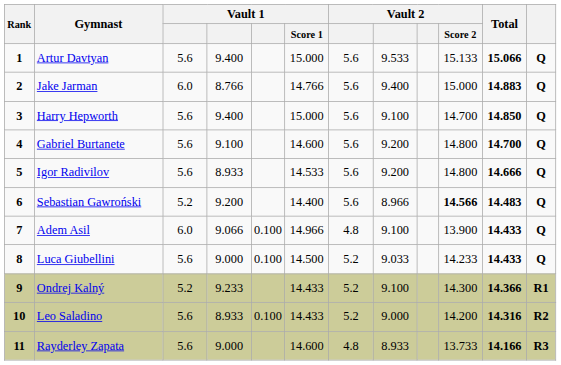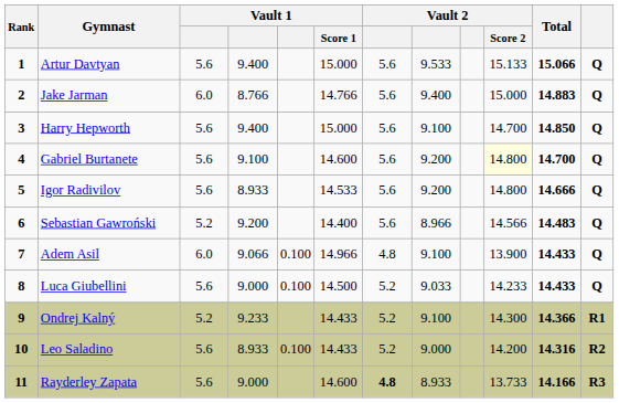 <table style="text-align:center;" class="wikitable sortable">
 <tr>
 <th style="width:15px;" rowspan="2"><small>Rank</small></th>
 <th style="width:160px;" rowspan="2">Gymnast</th>
 <th colspan="4">Vault 1</th>
 <th colspan="4">Vault 2</th>
 <th style="width:50px;" rowspan="2">Total</th>
 <th style="width:30px;" rowspan="2"><small></small></th>
 </tr>
 <tr>
 <th style="width:50px;"><small></small></th>
 <th style="width:50px;"><small></small></th>
 <th style="width:20px;"><small></small></th>
 <th style="width:50px;"><small>Score 1</small></th>
 <th style="width:50px;"><small></small></th>
 <th style="width:50px;"><small></small></th>
 <th style="width:20px;"><small></small></th>
 <th style="width:50px;"><small>Score 2</small></th>
 </tr>
 <tr>
 <td scope="row" style="text-align:center"><strong>1</strong></td>
 <td style="height:30px; text-align:left;"> <a href='#'>Artur Davtyan</a></td>
 <td>5.6</td>
 <td>9.400</td>
 <td></td>
 <td>15.000</td>
 <td>5.6</td>
 <td>9.533</td>
 <td></td>
 <td>15.133</td>
 <td><strong>15.066</strong></td>
 <td><strong>Q</strong></td>
 </tr>
 <tr>
 <td scope="row" style="text-align:center"><strong>2</strong></td>
 <td style="height:30px; text-align:left;"> <a href='#'>Jake Jarman</a></td>
 <td>6.0</td>
 <td>8.766</td>
 <td></td>
 <td>14.766</td>
 <td>5.6</td>
 <td>9.400</td>
 <td></td>
 <td>15.000</td>
 <td><strong>14.883</strong></td>
 <td><strong>Q</strong></td>
 </tr>
 <tr>
 <td scope="row" style="text-align:center"><strong>3</strong></td>
 <td style="height:30px; text-align:left;"> <a href='#'>Harry Hepworth</a></td>
 <td>5.6</td>
 <td>9.400</td>
 <td></td>
 <td>15.000</td>
 <td>5.6</td>
 <td>9.100</td>
 <td></td>
 <td>14.700</td>
 <td><strong>14.850</strong></td>
 <td><strong>Q</strong></td>
 </tr>
 <tr>
 <td scope="row" style="text-align:center"><strong>4</strong></td>
 <td style="height:30px; text-align:left;"> <a href='#'>Gabriel Burtanete</a></td>
 <td>5.6</td>
 <td>9.100</td>
 <td></td>
 <td>14.600</td>
 <td>5.6</td>
 <td>9.200</td>
 <td></td>
-<td>14.800</td>
+<td style="background: lightyellow;">14.800</td>
 <td><strong>14.700</strong></td>
 <td><strong>Q</strong></td>
 </tr>
 <tr>
 <td scope="row" style="text-align:center"><strong>5</strong></td>
 <td style="height:30px; text-align:left;"> <a href='#'>Igor Radivilov</a></td>
 <td>5.6</td>
 <td>8.933</td>
 <td></td>
 <td>14.533</td>
 <td>5.6</td>
 <td>9.200</td>
 <td></td>
 <td>14.800</td>
 <td><strong>14.666</strong></td>
 <td><strong>Q</strong></td>
 </tr>
 <tr>
 <td scope="row" style="text-align:center"><strong>6</strong></td>
 <td style="height:30px; text-align:left;"> <a href='#'>Sebastian Gawroński</a></td>
 <td>5.2</td>
 <td>9.200</td>
 <td></td>
 <td>14.400</td>
 <td>5.6</td>
 <td>8.966</td>
 <td></td>
-<td><strong>14.566</strong></td>
+<td>14.566</td>
 <td><strong>14.483</strong></td>
 <td><strong>Q</strong></td>
 </tr>
 <tr>
 <td scope="row" style="text-align:center"><strong>7</strong></td>
 <td style="height:30px; text-align:left;"> <a href='#'>Adem Asil</a></td>
 <td>6.0</td>
 <td>9.066</td>
 <td>0.100</td>
 <td>14.966</td>
 <td>4.8</td>
 <td>9.100</td>
 <td></td>
 <td>13.900</td>
 <td><strong>14.433</strong></td>
 <td><strong>Q</strong></td>
 </tr>
 <tr>
 <td scope="row" style="text-align:center"><strong>8</strong></td>
 <td style="height:30px; text-align:left;"> <a href='#'>Luca Giubellini</a></td>
 <td>5.6</td>
 <td>9.000</td>
 <td>0.100</td>
 <td>14.500</td>
 <td>5.2</td>
 <td>9.033</td>
 <td></td>
 <td>14.233</td>
 <td><strong>14.433</strong></td>
 <td><strong>Q</strong></td>
 </tr>
 <tr style="background:#cccc99;">
 <td scope="row" style="text-align:center"><strong>9</strong></td>
 <td style="height:30px; text-align:left;"> <a href='#'>Ondrej Kalný</a></td>
 <td>5.2</td>
 <td>9.233</td>
 <td></td>
 <td>14.433</td>
 <td>5.2</td>
 <td>9.100</td>
 <td></td>
 <td>14.300</td>
 <td><strong>14.366</strong></td>
 <td><strong>R1</strong></td>
 </tr>
 <tr style="background:#cccc99;">
 <td scope="row" style="text-align:center"><strong>10</strong></td>
 <td style="height:30px; text-align:left;"> <a href='#'>Leo Saladino</a></td>
 <td>5.6</td>
 <td>8.933</td>
 <td>0.100</td>
 <td>14.433</td>
 <td>5.2</td>
 <td>9.000</td>
 <td></td>
 <td>14.200</td>
 <td><strong>14.316</strong></td>
 <td><strong>R2</strong></td>
 </tr>
 <tr style="background:#cccc99;">
 <td scope="row" style="text-align:center"><strong>11</strong></td>
 <td style="height:30px; text-align:left;"> <a href='#'>Rayderley Zapata</a></td>
 <td>5.6</td>
 <td>9.000</td>
 <td></td>
 <td>14.600</td>
-<td>4.8</td>
+<td><strong>4.8</strong></td>
 <td>8.933</td>
 <td></td>
 <td>13.733</td>
 <td><strong>14.166</strong></td>
 <td><strong>R3</strong></td>
 </tr>
 </table>
